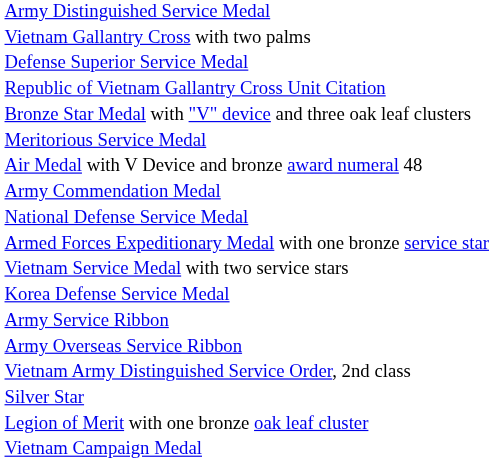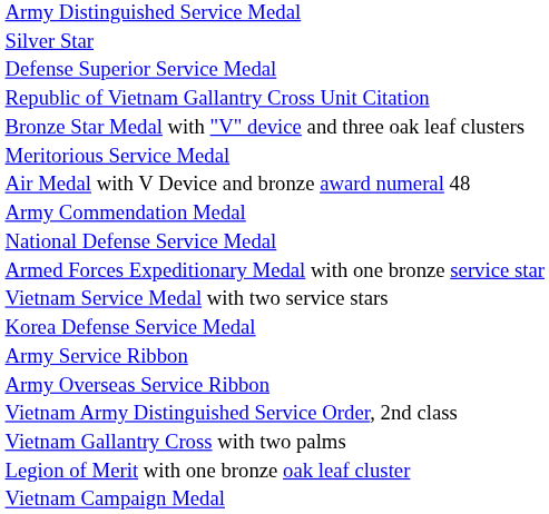 <table>
 <tr>
 <td> <a href='#'>Army Distinguished Service Medal</a></td>
 </tr>
 <tr>
-<td> <a href='#'>Vietnam Gallantry Cross</a> with two palms</td>
+<td> <a href='#'>Silver Star</a></td>
 </tr>
 <tr>
 <td> <a href='#'>Defense Superior Service Medal</a></td>
 </tr>
 <tr>
 <td> <a href='#'>Republic of Vietnam Gallantry Cross Unit Citation</a></td>
 </tr>
 <tr>
 <td><span></span><span></span><span></span><span></span> <a href='#'>Bronze Star Medal</a> with <a href='#'>"V" device</a> and three oak leaf clusters</td>
 </tr>
 <tr>
 <td> <a href='#'>Meritorious Service Medal</a></td>
 </tr>
 <tr>
 <td><span></span><span></span><span></span> <a href='#'>Air Medal</a> with V Device and bronze <a href='#'>award numeral</a> 48</td>
 </tr>
 <tr>
 <td> <a href='#'>Army Commendation Medal</a></td>
 </tr>
 <tr>
 <td> <a href='#'>National Defense Service Medal</a></td>
 </tr>
 <tr>
 <td> <a href='#'>Armed Forces Expeditionary Medal</a> with one bronze <a href='#'>service star</a></td>
 </tr>
 <tr>
 <td><span></span><span></span> <a href='#'>Vietnam Service Medal</a> with two service stars</td>
 </tr>
 <tr>
 <td> <a href='#'>Korea Defense Service Medal</a></td>
 </tr>
 <tr>
 <td> <a href='#'>Army Service Ribbon</a></td>
 </tr>
 <tr>
 <td> <a href='#'>Army Overseas Service Ribbon</a></td>
 </tr>
 <tr>
 <td> <a href='#'>Vietnam Army Distinguished Service Order</a>, 2nd class</td>
 </tr>
 <tr>
-<td> <a href='#'>Silver Star</a></td>
+<td> <a href='#'>Vietnam Gallantry Cross</a> with two palms</td>
 </tr>
 <tr>
 <td> <a href='#'>Legion of Merit</a> with one bronze <a href='#'>oak leaf cluster</a></td>
 </tr>
 <tr>
 <td> <a href='#'>Vietnam Campaign Medal</a></td>
 </tr>
 </table>
